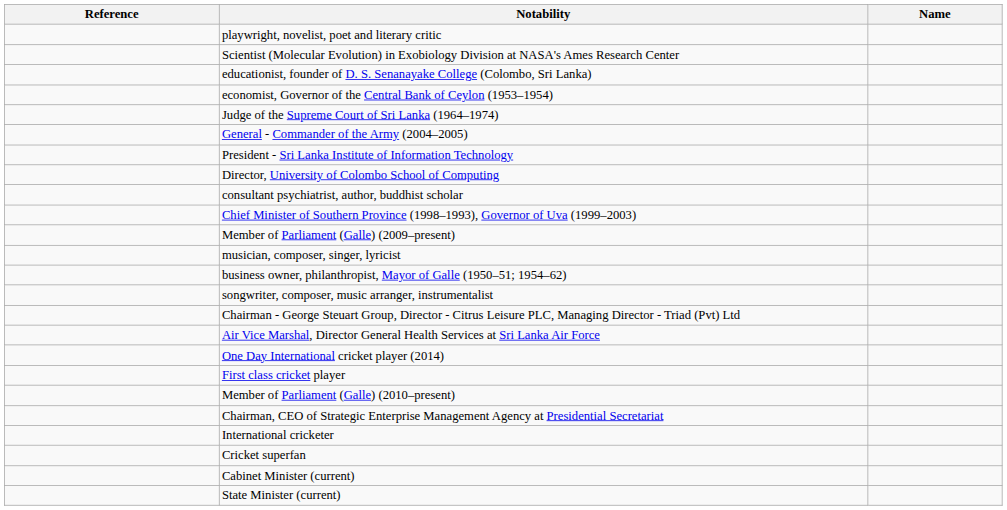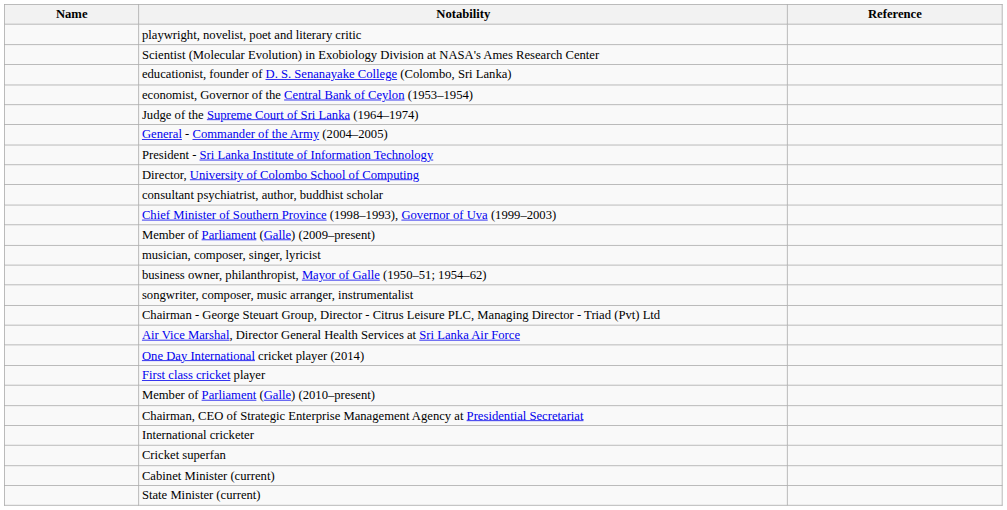 <table class="wikitable sortable" style="width:100%">
 <tr>
+<th style="width:*;">Name</th>
+<th style="width:65%;" class="unsortable">Notability</th>
 <th style="width:*;" class="unsortable">Reference</th>
-<th style="width:65%;" class="unsortable">Notability</th>
-<th style="width:*;">Name</th>
 </tr>
 <tr>
+<td></td>
+<td>playwright, novelist, poet and literary critic</td>
 <td style="text-align:center;"></td>
-<td>playwright, novelist, poet and literary critic</td>
-<td></td>
 </tr>
 <tr>
+<td></td>
+<td>Scientist (Molecular Evolution) in Exobiology Division at NASA's Ames Research Center</td>
 <td style="text-align:center;"></td>
-<td>Scientist (Molecular Evolution) in Exobiology Division at NASA's Ames Research Center</td>
-<td></td>
 </tr>
 <tr>
+<td></td>
+<td>educationist, founder of <a href='#'>D. S. Senanayake College</a> (Colombo, Sri Lanka)</td>
 <td style="text-align:center;"></td>
-<td>educationist, founder of <a href='#'>D. S. Senanayake College</a> (Colombo, Sri Lanka)</td>
-<td></td>
 </tr>
 <tr>
+<td></td>
+<td>economist, Governor of the <a href='#'>Central Bank of Ceylon</a> (1953–1954)</td>
 <td style="text-align:center;"></td>
-<td>economist, Governor of the <a href='#'>Central Bank of Ceylon</a> (1953–1954)</td>
-<td></td>
 </tr>
 <tr>
+<td></td>
+<td>Judge of the <a href='#'>Supreme Court of Sri Lanka</a> (1964–1974)</td>
 <td style="text-align:center;"></td>
-<td>Judge of the <a href='#'>Supreme Court of Sri Lanka</a> (1964–1974)</td>
-<td></td>
 </tr>
 <tr>
+<td></td>
+<td><a href='#'>General</a> - <a href='#'>Commander of the Army</a> (2004–2005)</td>
 <td style="text-align:center;"></td>
-<td><a href='#'>General</a> - <a href='#'>Commander of the Army</a> (2004–2005)</td>
-<td></td>
 </tr>
 <tr>
+<td></td>
+<td>President - <a href='#'>Sri Lanka Institute of Information Technology</a></td>
 <td style="text-align:center;"></td>
-<td>President - <a href='#'>Sri Lanka Institute of Information Technology</a></td>
-<td></td>
 </tr>
 <tr>
+<td></td>
+<td>Director, <a href='#'>University of Colombo School of Computing</a></td>
 <td style="text-align:center;"></td>
-<td>Director, <a href='#'>University of Colombo School of Computing</a></td>
-<td></td>
 </tr>
 <tr>
+<td></td>
+<td>consultant psychiatrist, author, buddhist scholar</td>
 <td style="text-align:center;"></td>
-<td>consultant psychiatrist, author, buddhist scholar</td>
-<td></td>
 </tr>
 <tr>
+<td></td>
+<td><a href='#'>Chief Minister of Southern Province</a> (1998–1993), <a href='#'>Governor of Uva</a> (1999–2003)</td>
 <td style="text-align:center;"></td>
-<td><a href='#'>Chief Minister of Southern Province</a> (1998–1993), <a href='#'>Governor of Uva</a> (1999–2003)</td>
-<td></td>
 </tr>
 <tr>
+<td></td>
+<td>Member of <a href='#'>Parliament</a> (<a href='#'>Galle</a>) (2009–present)</td>
 <td style="text-align:center;"></td>
-<td>Member of <a href='#'>Parliament</a> (<a href='#'>Galle</a>) (2009–present)</td>
-<td></td>
 </tr>
 <tr>
+<td></td>
+<td>musician, composer, singer, lyricist</td>
 <td style="text-align:center;"></td>
-<td>musician, composer, singer, lyricist</td>
-<td></td>
 </tr>
 <tr>
+<td></td>
+<td>business owner, philanthropist, <a href='#'>Mayor of Galle</a> (1950–51; 1954–62)</td>
 <td style="text-align:center"></td>
-<td>business owner, philanthropist, <a href='#'>Mayor of Galle</a> (1950–51; 1954–62)</td>
-<td></td>
 </tr>
 <tr>
+<td></td>
+<td>songwriter, composer, music arranger, instrumentalist</td>
 <td style="text-align:center;"></td>
-<td>songwriter, composer, music arranger, instrumentalist</td>
-<td></td>
 </tr>
 <tr>
+<td></td>
+<td>Chairman - George Steuart Group, Director - Citrus Leisure PLC, Managing Director - Triad (Pvt) Ltd</td>
 <td style="text-align:center;"></td>
-<td>Chairman - George Steuart Group, Director - Citrus Leisure PLC, Managing Director - Triad (Pvt) Ltd</td>
-<td></td>
 </tr>
 <tr>
+<td></td>
+<td><a href='#'>Air Vice Marshal</a>, Director General Health Services at <a href='#'>Sri Lanka Air Force</a></td>
 <td style="text-align:center;"></td>
-<td><a href='#'>Air Vice Marshal</a>, Director General Health Services at <a href='#'>Sri Lanka Air Force</a></td>
-<td></td>
 </tr>
 <tr>
+<td></td>
+<td><a href='#'>One Day International</a> cricket player (2014)</td>
 <td style="text-align:center;"></td>
-<td><a href='#'>One Day International</a> cricket player (2014)</td>
-<td></td>
 </tr>
 <tr>
+<td></td>
+<td><a href='#'>First class cricket</a> player</td>
 <td style="text-align:center;"></td>
-<td><a href='#'>First class cricket</a> player</td>
-<td></td>
 </tr>
 <tr>
+<td></td>
+<td>Member of <a href='#'>Parliament</a> (<a href='#'>Galle</a>) (2010–present)</td>
 <td style="text-align:center;"></td>
-<td>Member of <a href='#'>Parliament</a> (<a href='#'>Galle</a>) (2010–present)</td>
-<td></td>
 </tr>
 <tr>
+<td></td>
+<td>Chairman, CEO of Strategic Enterprise Management Agency at <a href='#'>Presidential Secretariat</a></td>
 <td style="text-align:center;"></td>
-<td>Chairman, CEO of Strategic Enterprise Management Agency at <a href='#'>Presidential Secretariat</a></td>
-<td></td>
 </tr>
 <tr>
+<td></td>
+<td>International cricketer</td>
 <td style="text-align:center;"></td>
-<td>International cricketer</td>
-<td></td>
 </tr>
 <tr>
+<td></td>
+<td>Cricket superfan</td>
 <td style="text-align:center;"></td>
-<td>Cricket superfan</td>
-<td></td>
 </tr>
 <tr>
+<td></td>
+<td>Cabinet Minister (current)</td>
 <td style="text-align:center;"></td>
-<td>Cabinet Minister (current)</td>
-<td></td>
 </tr>
 <tr>
+<td></td>
+<td>State Minister (current)</td>
 <td style="text-align:center;"></td>
-<td>State Minister (current)</td>
-<td></td>
 </tr>
 </table>
